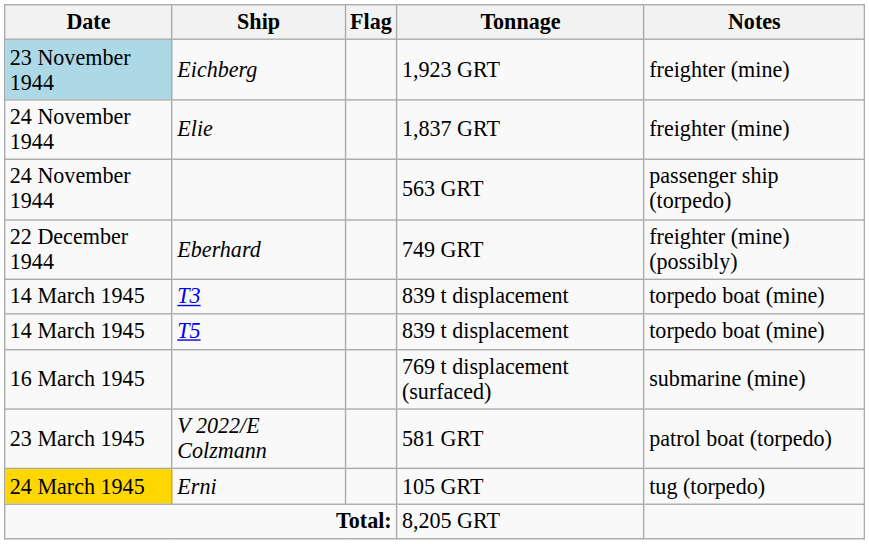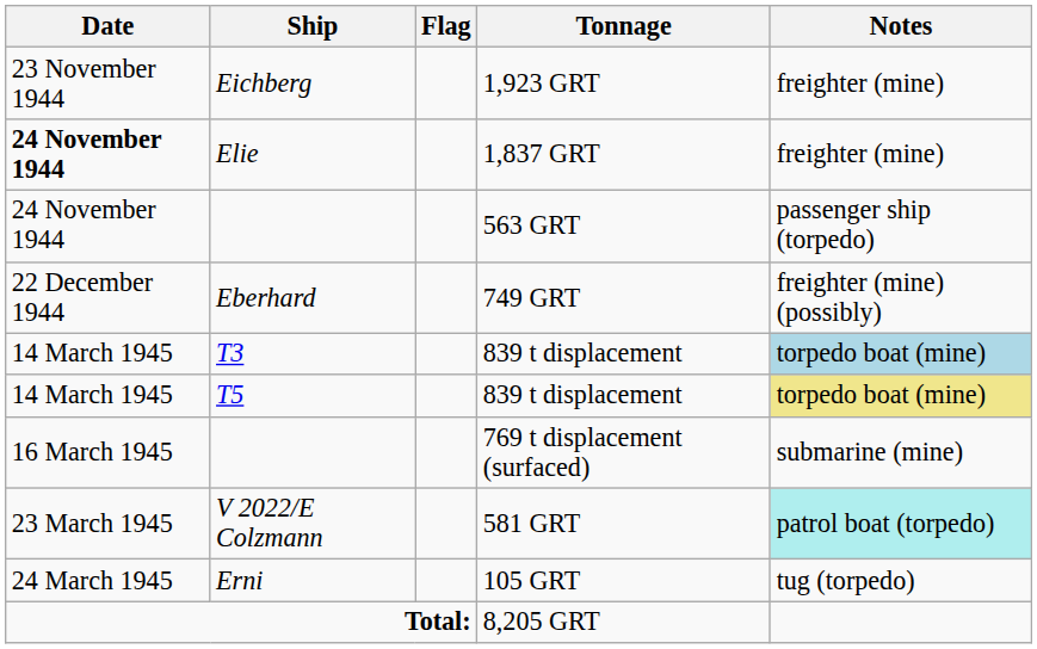 <table class="wikitable" style="margin:1em auto;">
 <tr>
 <th>Date</th>
 <th>Ship</th>
 <th>Flag</th>
 <th>Tonnage</th>
 <th>Notes</th>
 </tr>
 <tr>
-<td style="background: lightblue;">23 November 1944</td>
+<td>23 November 1944</td>
 <td><em>Eichberg</em></td>
 <td></td>
 <td>1,923 GRT</td>
 <td>freighter (mine)</td>
 </tr>
 <tr>
-<td>24 November 1944</td>
+<td><strong>24 November 1944</strong></td>
 <td><em>Elie</em></td>
 <td></td>
 <td>1,837 GRT</td>
 <td>freighter (mine)</td>
 </tr>
 <tr>
 <td>24 November 1944</td>
 <td></td>
 <td></td>
 <td>563 GRT</td>
 <td>passenger ship (torpedo)</td>
 </tr>
 <tr>
 <td>22 December 1944</td>
 <td><em>Eberhard</em></td>
 <td></td>
 <td>749 GRT</td>
 <td>freighter (mine) (possibly)</td>
 </tr>
 <tr>
 <td>14 March 1945</td>
 <td><em><a href='#'>T3</a></em></td>
 <td></td>
 <td>839 t displacement</td>
-<td>torpedo boat (mine)</td>
+<td style="background: lightblue;">torpedo boat (mine)</td>
 </tr>
 <tr>
 <td>14 March 1945</td>
 <td><em><a href='#'>T5</a></em></td>
 <td></td>
 <td>839 t displacement</td>
-<td>torpedo boat (mine)</td>
+<td style="background: khaki;">torpedo boat (mine)</td>
 </tr>
 <tr>
 <td>16 March 1945</td>
 <td></td>
 <td></td>
 <td>769 t displacement (surfaced)</td>
 <td>submarine (mine)</td>
 </tr>
 <tr>
 <td>23 March 1945</td>
 <td><em>V 2022/E Colzmann</em></td>
 <td></td>
 <td>581 GRT</td>
-<td>patrol boat (torpedo)</td>
+<td style="background: paleturquoise;">patrol boat (torpedo)</td>
 </tr>
 <tr>
-<td style="background: gold;">24 March 1945</td>
+<td>24 March 1945</td>
 <td><em>Erni</em></td>
 <td></td>
 <td>105 GRT</td>
 <td>tug (torpedo)</td>
 </tr>
 <tr>
 <td colspan=3 align=right><strong>Total:</strong></td>
 <td>8,205 GRT</td>
 <td></td>
 </tr>
 </table>
